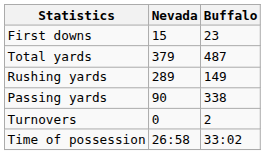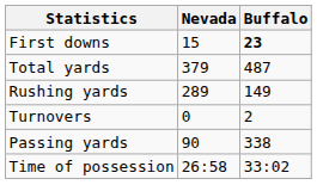 <table class="wikitable">
 <tr>
 <th>Statistics</th>
 <th>Nevada</th>
 <th>Buffalo</th>
 </tr>
 <tr>
 <td>First downs</td>
 <td>15</td>
-<td>23</td>
+<td><strong>23</strong></td>
 </tr>
 <tr>
 <td>Total yards</td>
 <td>379</td>
 <td>487</td>
 </tr>
 <tr>
 <td>Rushing yards</td>
 <td>289</td>
 <td>149</td>
 </tr>
 <tr>
+<td>Turnovers</td>
+<td>0</td>
+<td>2</td>
+</tr>
+<tr>
 <td>Passing yards</td>
 <td>90</td>
 <td>338</td>
-</tr>
-<tr>
-<td>Turnovers</td>
-<td>0</td>
-<td>2</td>
 </tr>
 <tr>
 <td>Time of possession</td>
 <td>26:58</td>
 <td>33:02</td>
 </tr>
 <tr>
 </tr>
 </table>
